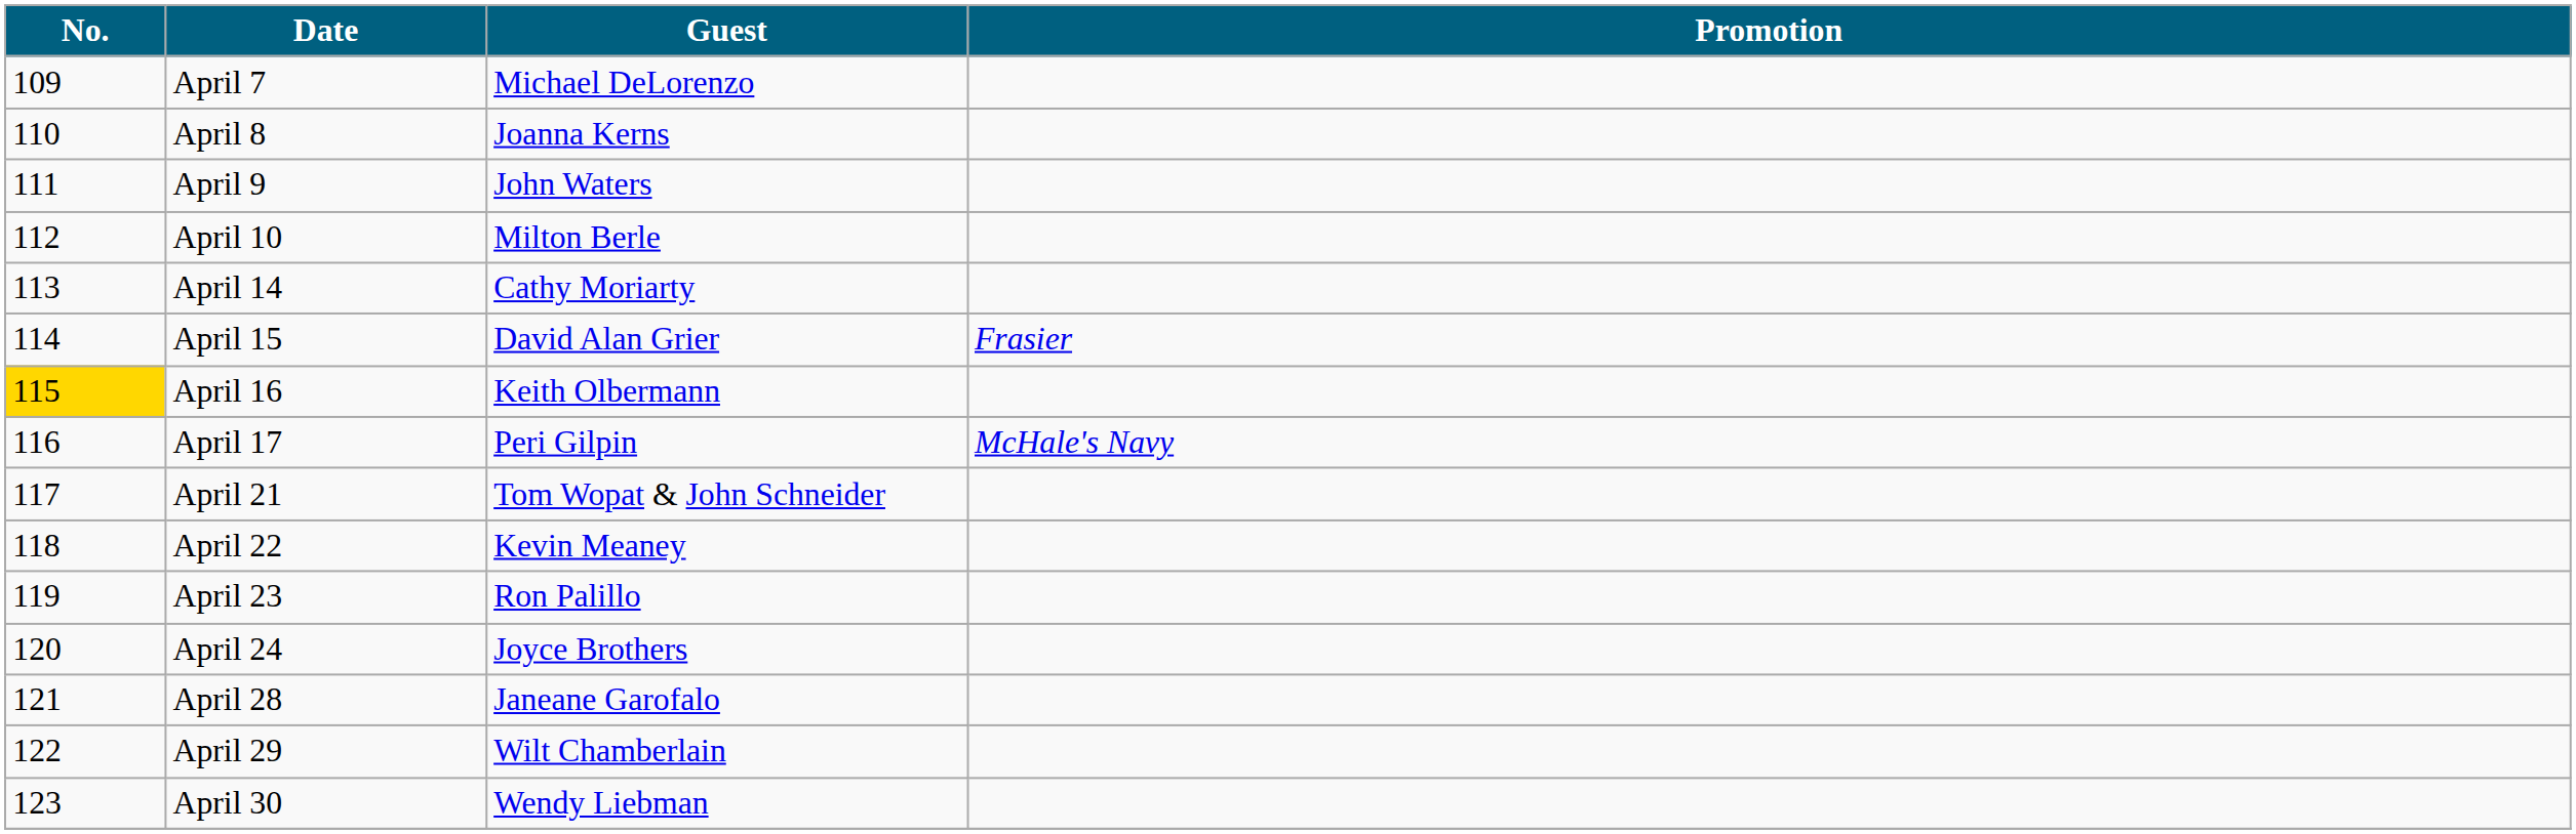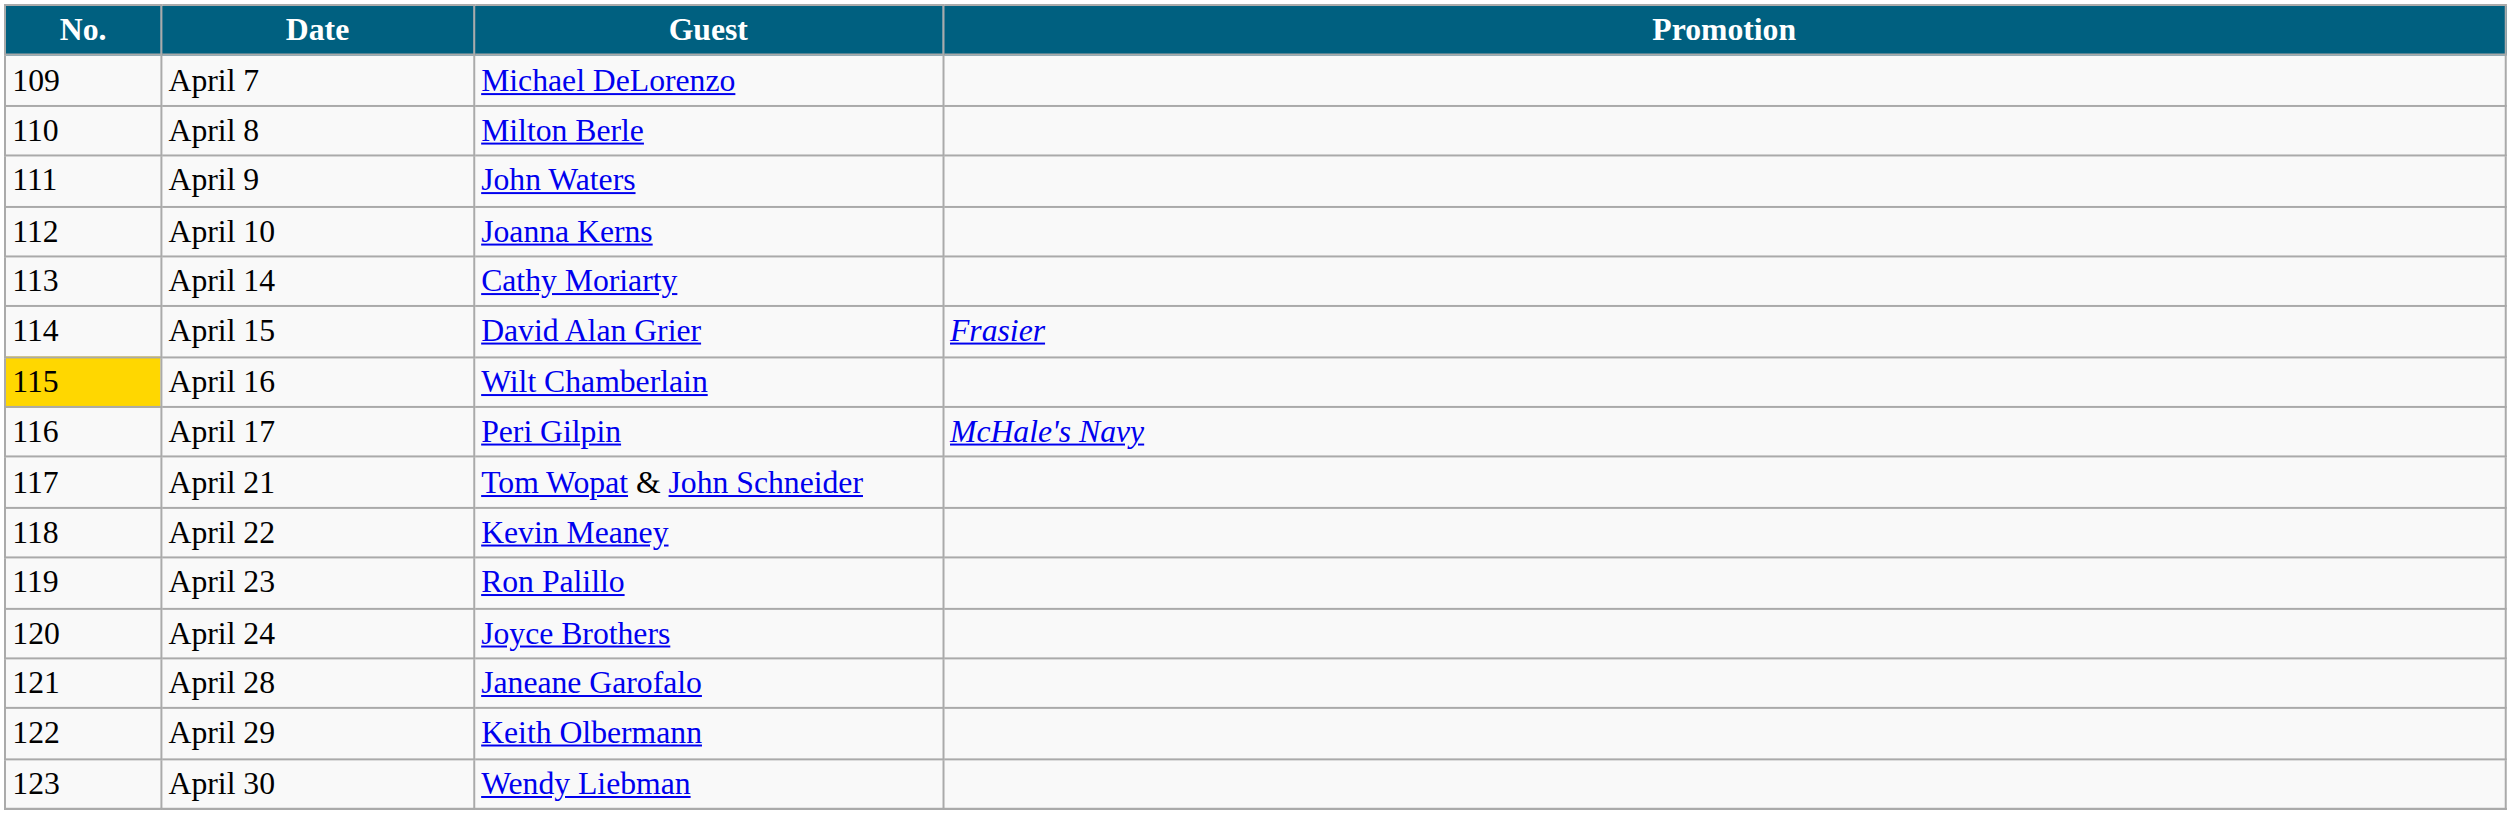 <table class="wikitable" width="100%">
 <tr>
 <th width="5%" style="background:#006080; color:#FFFFFF"><abbr>No.</abbr></th>
 <th width="10%" style="background:#006080; color:#FFFFFF">Date</th>
 <th width="15%" style="background:#006080; color:#FFFFFF">Guest</th>
 <th width="50%" style="background:#006080; color:#FFFFFF">Promotion</th>
 </tr>
 <tr>
 <td>109</td>
 <td>April 7</td>
 <td><a href='#'>Michael DeLorenzo</a></td>
 <td></td>
 </tr>
 <tr>
 <td>110</td>
 <td>April 8</td>
-<td><a href='#'>Joanna Kerns</a></td>
+<td><a href='#'>Milton Berle</a></td>
 <td></td>
 </tr>
 <tr>
 <td>111</td>
 <td>April 9</td>
 <td><a href='#'>John Waters</a></td>
 <td></td>
 </tr>
 <tr>
 <td>112</td>
 <td>April 10</td>
-<td><a href='#'>Milton Berle</a></td>
+<td><a href='#'>Joanna Kerns</a></td>
 <td></td>
 </tr>
 <tr>
 <td>113</td>
 <td>April 14</td>
 <td><a href='#'>Cathy Moriarty</a></td>
 <td></td>
 </tr>
 <tr>
 <td>114</td>
 <td>April 15</td>
 <td><a href='#'>David Alan Grier</a></td>
 <td><em><a href='#'>Frasier</a></em></td>
 </tr>
 <tr>
 <td style="background: gold;">115</td>
 <td>April 16</td>
-<td><a href='#'>Keith Olbermann</a></td>
+<td><a href='#'>Wilt Chamberlain</a></td>
 <td></td>
 </tr>
 <tr>
 <td>116</td>
 <td>April 17</td>
 <td><a href='#'>Peri Gilpin</a></td>
 <td><em><a href='#'>McHale's Navy</a></em></td>
 </tr>
 <tr>
 <td>117</td>
 <td>April 21</td>
 <td><a href='#'>Tom Wopat</a> & <a href='#'>John Schneider</a></td>
 <td></td>
 </tr>
 <tr>
 <td>118</td>
 <td>April 22</td>
 <td><a href='#'>Kevin Meaney</a></td>
 <td></td>
 </tr>
 <tr>
 <td>119</td>
 <td>April 23</td>
 <td><a href='#'>Ron Palillo</a></td>
 <td></td>
 </tr>
 <tr>
 <td>120</td>
 <td>April 24</td>
 <td><a href='#'>Joyce Brothers</a></td>
 <td></td>
 </tr>
 <tr>
 <td>121</td>
 <td>April 28</td>
 <td><a href='#'>Janeane Garofalo</a></td>
 <td></td>
 </tr>
 <tr>
 <td>122</td>
 <td>April 29</td>
-<td><a href='#'>Wilt Chamberlain</a></td>
+<td><a href='#'>Keith Olbermann</a></td>
 <td></td>
 </tr>
 <tr>
 <td>123</td>
 <td>April 30</td>
 <td><a href='#'>Wendy Liebman</a></td>
 <td></td>
 </tr>
 <tr>
 </tr>
 </table>
